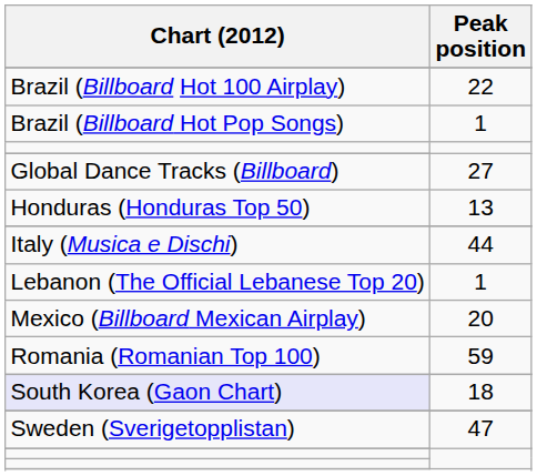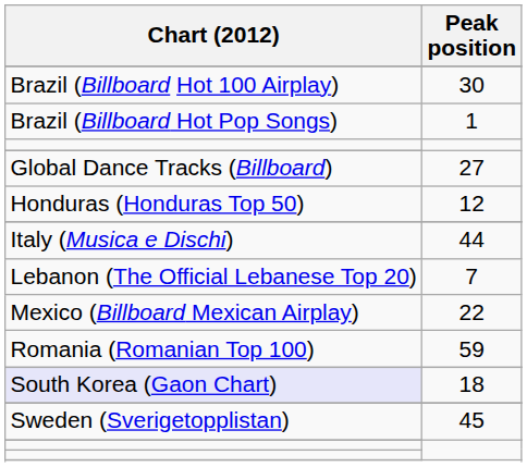 <table class="wikitable sortable plainrowheaders">
 <tr>
 <th scope="col">Chart (2012)</th>
 <th scope="col">Peak<br>position</th>
 </tr>
 <tr>
 </tr>
 <tr>
 </tr>
 <tr>
 </tr>
 <tr>
 </tr>
 <tr>
 </tr>
 <tr>
 <td>Brazil (<em><a href='#'>Billboard</a></em> <a href='#'>Hot 100 Airplay</a>)</td>
-<td style="text-align:center;">22</td>
+<td style="text-align:center;">30</td>
 </tr>
 <tr>
 <td>Brazil (<a href='#'><em>Billboard</em> Hot Pop Songs</a>)</td>
 <td style="text-align:center;">1</td>
 </tr>
 <tr>
 <td></td>
 </tr>
 <tr>
 </tr>
 <tr>
 </tr>
 <tr>
 </tr>
 <tr>
 </tr>
 <tr>
 </tr>
 <tr>
 <td>Global Dance Tracks (<em><a href='#'>Billboard</a></em>)</td>
 <td align="center">27</td>
 </tr>
 <tr>
 <td>Honduras (<a href='#'>Honduras Top 50</a>)</td>
-<td style="text-align:center;">13</td>
+<td style="text-align:center;">12</td>
 </tr>
 <tr>
 </tr>
 <tr>
 <td>Italy (<em><a href='#'>Musica e Dischi</a></em>)</td>
 <td align="center">44</td>
 </tr>
 <tr>
 <td>Lebanon (<a href='#'>The Official Lebanese Top 20</a>)</td>
-<td style="text-align:center;">1</td>
+<td style="text-align:center;">7</td>
 </tr>
 <tr>
 <td>Mexico (<a href='#'><em>Billboard</em> Mexican Airplay</a>)</td>
-<td style="text-align:center;">20</td>
+<td style="text-align:center;">22</td>
 </tr>
 <tr>
 <td>Romania (<a href='#'>Romanian Top 100</a>)</td>
 <td style="text-align:center;">59</td>
 </tr>
 <tr>
 </tr>
 <tr>
 <td style="background: lavender;">South Korea (<a href='#'>Gaon Chart</a>)</td>
 <td style="text-align:center;">18</td>
 </tr>
 <tr>
 </tr>
 <tr>
 <td>Sweden (<a href='#'>Sverigetopplistan</a>)</td>
-<td style="text-align:center;">47</td>
+<td style="text-align:center;">45</td>
 </tr>
 <tr>
 </tr>
 <tr>
 </tr>
 <tr>
 <td></td>
 </tr>
 <tr>
 <td></td>
 </tr>
 <tr>
 </tr>
 <tr>
 </tr>
 <tr>
 </tr>
 <tr>
 </tr>
 </table>
